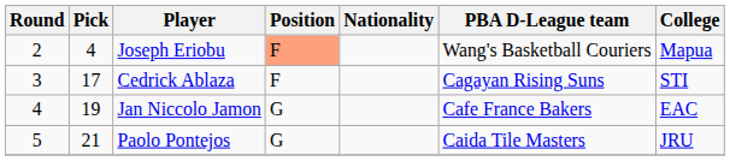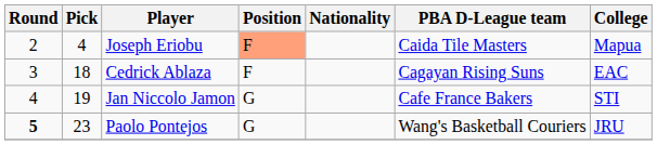 <table class="wikitable sortable sortable">
 <tr>
 <th>Round</th>
 <th>Pick</th>
 <th>Player</th>
 <th>Position</th>
 <th>Nationality</th>
 <th>PBA D-League team</th>
 <th>College</th>
 </tr>
 <tr>
 <td align=center>2</td>
 <td align=center>4</td>
 <td><a href='#'>Joseph Eriobu</a></td>
 <td style="background: lightsalmon;">F</td>
 <td></td>
-<td>Wang's Basketball Couriers</td>
+<td><a href='#'>Caida Tile Masters</a></td>
 <td><a href='#'>Mapua</a></td>
 </tr>
 <tr>
 <td align=center>3</td>
-<td align=center>17</td>
+<td align=center>18</td>
 <td><a href='#'>Cedrick Ablaza</a></td>
 <td>F</td>
 <td></td>
 <td><a href='#'>Cagayan Rising Suns</a></td>
-<td><a href='#'>STI</a></td>
+<td><a href='#'>EAC</a></td>
 </tr>
 <tr>
 <td align=center>4</td>
 <td align=center>19</td>
 <td><a href='#'>Jan Niccolo Jamon</a></td>
 <td>G</td>
 <td></td>
 <td><a href='#'>Cafe France Bakers</a></td>
-<td><a href='#'>EAC</a></td>
+<td><a href='#'>STI</a></td>
 </tr>
 <tr>
-<td align=center>5</td>
-<td align=center>21</td>
+<td align=center><strong>5</strong></td>
+<td align=center>23</td>
 <td><a href='#'>Paolo Pontejos</a></td>
 <td>G</td>
 <td></td>
-<td><a href='#'>Caida Tile Masters</a></td>
+<td>Wang's Basketball Couriers</td>
 <td><a href='#'>JRU</a></td>
 </tr>
 <tr>
 </tr>
 </table>
